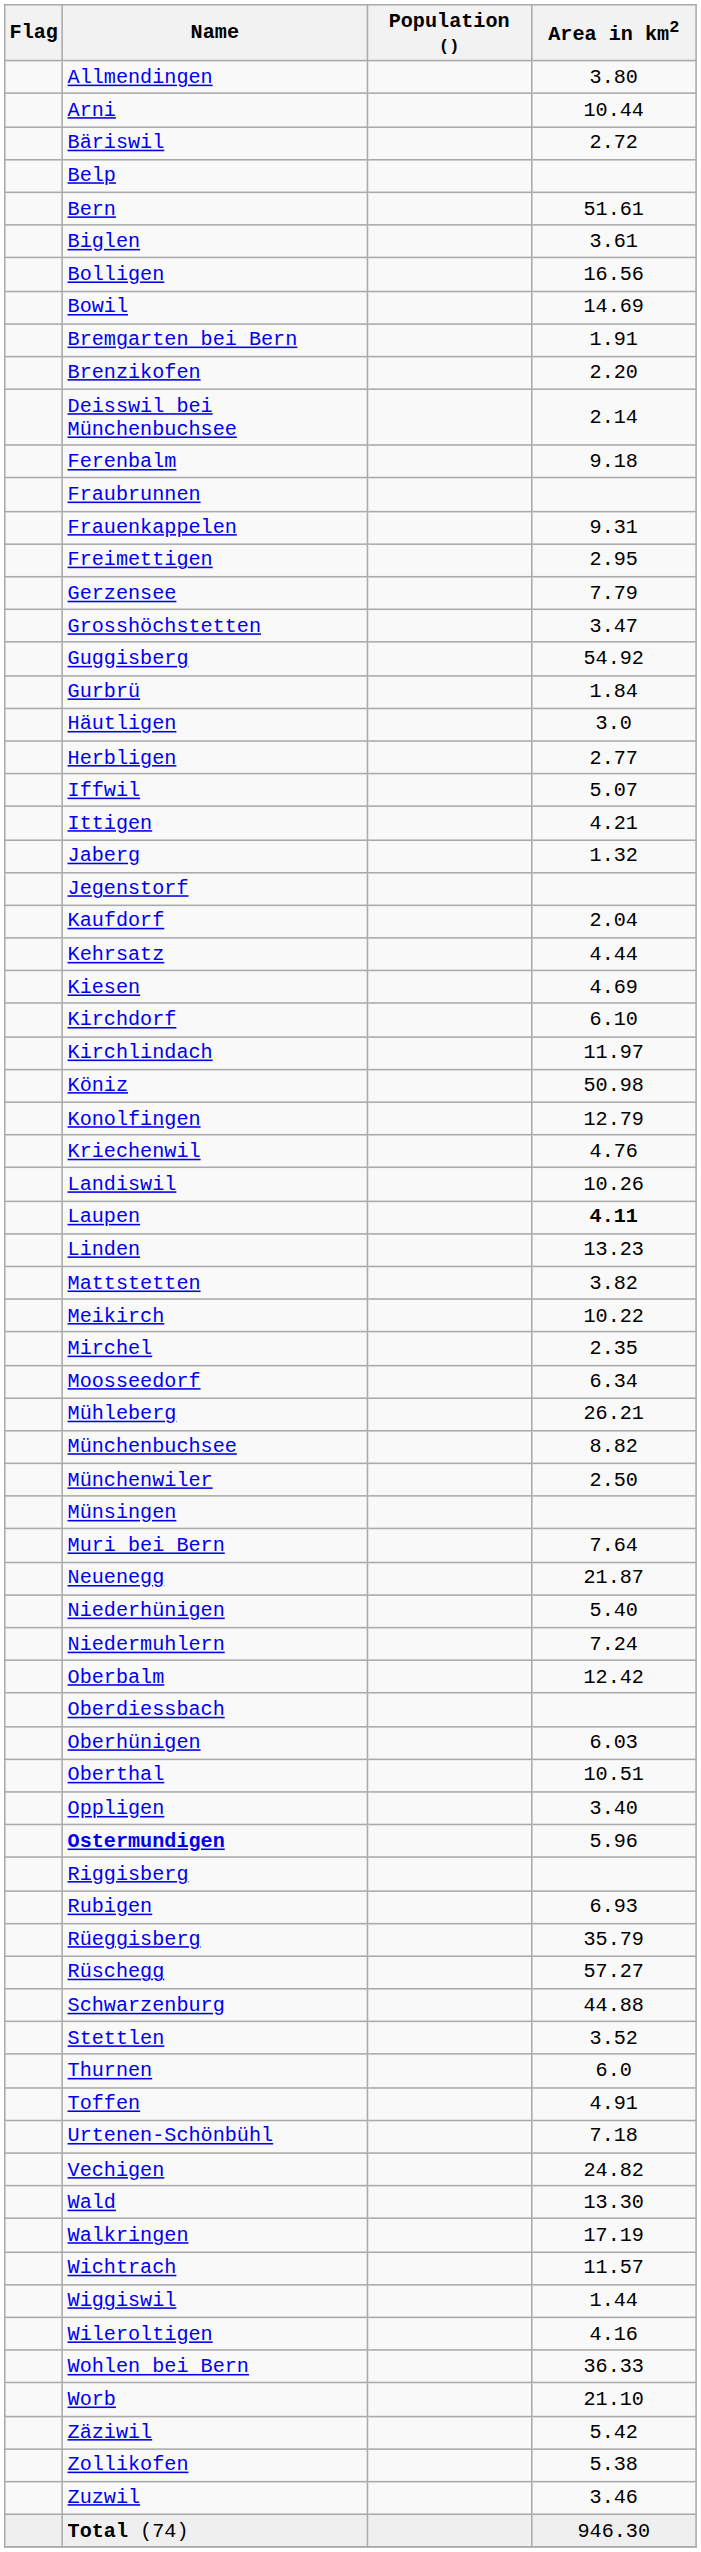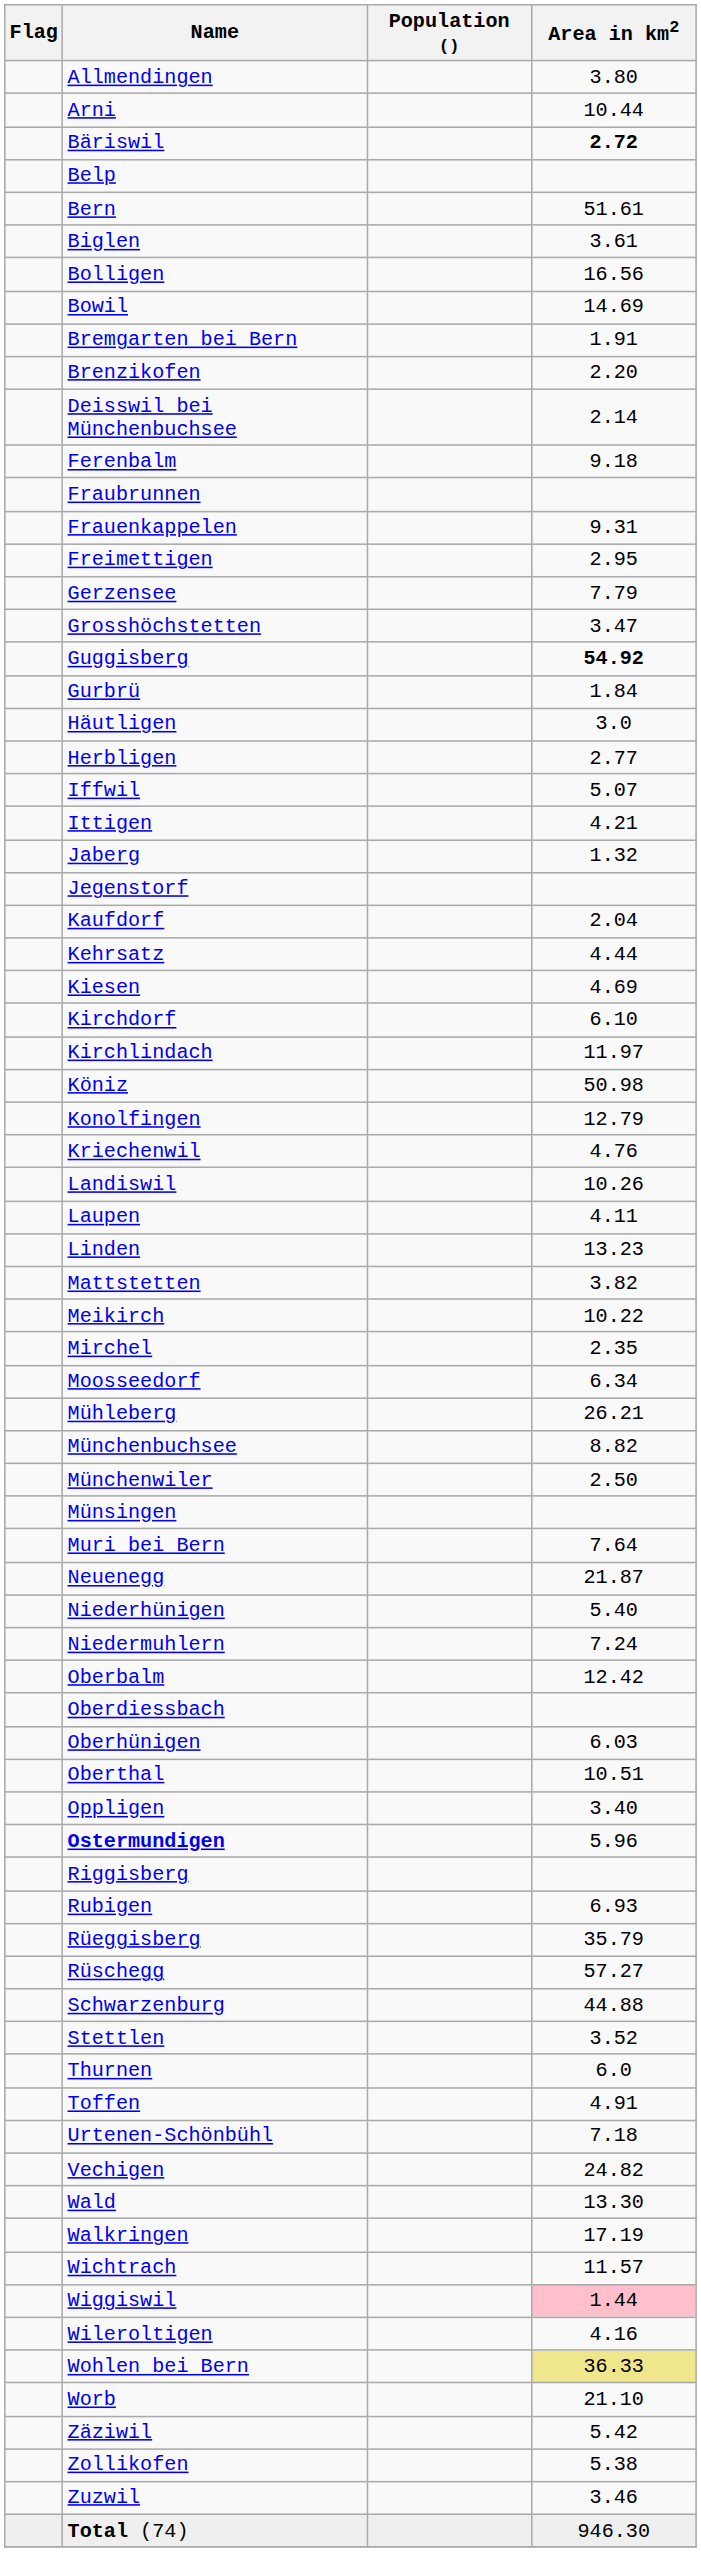 <table class="wikitable sortable">
 <tr>
 <th>Flag</th>
 <th width="190">Name</th>
 <th width="100">Population<br><small>()</small></th>
 <th width="100">Area in km<sup>2</sup></th>
 </tr>
 <tr>
 <td align="center"></td>
 <td><a href='#'>Allmendingen</a></td>
 <td align="center"></td>
 <td align="center">3.80</td>
 </tr>
 <tr>
 <td align="center"></td>
 <td><a href='#'>Arni</a></td>
 <td align="center"></td>
 <td align="center">10.44</td>
 </tr>
 <tr>
 <td align="center"></td>
 <td><a href='#'>Bäriswil</a></td>
 <td align="center"></td>
-<td align="center">2.72</td>
+<td align="center"><strong>2.72</strong></td>
 </tr>
 <tr>
 <td align="center"></td>
 <td><a href='#'>Belp</a></td>
 <td align="center"></td>
 <td align="center"></td>
 </tr>
 <tr>
 <td align="center"></td>
 <td><a href='#'>Bern</a></td>
 <td align="center"></td>
 <td align="center">51.61</td>
 </tr>
 <tr>
 <td align="center"></td>
 <td><a href='#'>Biglen</a></td>
 <td align="center"></td>
 <td align="center">3.61</td>
 </tr>
 <tr>
 <td align="center"></td>
 <td><a href='#'>Bolligen</a></td>
 <td align="center"></td>
 <td align="center">16.56</td>
 </tr>
 <tr>
 <td align="center"></td>
 <td><a href='#'>Bowil</a></td>
 <td align="center"></td>
 <td align="center">14.69</td>
 </tr>
 <tr>
 <td align="center"></td>
 <td><a href='#'>Bremgarten bei Bern</a></td>
 <td align="center"></td>
 <td align="center">1.91</td>
 </tr>
 <tr>
 <td align="center"></td>
 <td><a href='#'>Brenzikofen</a></td>
 <td align="center"></td>
 <td align="center">2.20</td>
 </tr>
 <tr>
 <td align="center"></td>
 <td><a href='#'>Deisswil bei Münchenbuchsee</a></td>
 <td align="center"></td>
 <td align="center">2.14</td>
 </tr>
 <tr>
 <td align="center"></td>
 <td><a href='#'>Ferenbalm</a></td>
 <td align="center"></td>
 <td align="center">9.18</td>
 </tr>
 <tr>
 <td align="center"></td>
 <td><a href='#'>Fraubrunnen</a></td>
 <td align="center"></td>
 <td align="center"></td>
 </tr>
 <tr>
 <td align="center"></td>
 <td><a href='#'>Frauenkappelen</a></td>
 <td align="center"></td>
 <td align="center">9.31</td>
 </tr>
 <tr>
 <td align="center"></td>
 <td><a href='#'>Freimettigen</a></td>
 <td align="center"></td>
 <td align="center">2.95</td>
 </tr>
 <tr>
 <td align="center"></td>
 <td><a href='#'>Gerzensee</a></td>
 <td align="center"></td>
 <td align="center">7.79</td>
 </tr>
 <tr>
 <td align="center"></td>
 <td><a href='#'>Grosshöchstetten</a></td>
 <td align="center"></td>
 <td align="center">3.47</td>
 </tr>
 <tr>
 <td align="center"></td>
 <td><a href='#'>Guggisberg</a></td>
 <td align="center"></td>
-<td align="center">54.92</td>
+<td align="center"><strong>54.92</strong></td>
 </tr>
 <tr>
 <td align="center"></td>
 <td><a href='#'>Gurbrü</a></td>
 <td align="center"></td>
 <td align="center">1.84</td>
 </tr>
 <tr>
 <td align="center"></td>
 <td><a href='#'>Häutligen</a></td>
 <td align="center"></td>
 <td align="center">3.0</td>
 </tr>
 <tr>
 <td align="center"></td>
 <td><a href='#'>Herbligen</a></td>
 <td align="center"></td>
 <td align="center">2.77</td>
 </tr>
 <tr>
 <td align="center"></td>
 <td><a href='#'>Iffwil</a></td>
 <td align="center"></td>
 <td align="center">5.07</td>
 </tr>
 <tr>
 <td align="center"></td>
 <td><a href='#'>Ittigen</a></td>
 <td align="center"></td>
 <td align="center">4.21</td>
 </tr>
 <tr>
 <td align="center"></td>
 <td><a href='#'>Jaberg</a></td>
 <td align="center"></td>
 <td align="center">1.32</td>
 </tr>
 <tr>
 <td align="center"></td>
 <td><a href='#'>Jegenstorf</a></td>
 <td align="center"></td>
 <td align="center"></td>
 </tr>
 <tr>
 <td align="center"></td>
 <td><a href='#'>Kaufdorf</a></td>
 <td align="center"></td>
 <td align="center">2.04</td>
 </tr>
 <tr>
 <td align="center"></td>
 <td><a href='#'>Kehrsatz</a></td>
 <td align="center"></td>
 <td align="center">4.44</td>
 </tr>
 <tr>
 <td align="center"></td>
 <td><a href='#'>Kiesen</a></td>
 <td align="center"></td>
 <td align="center">4.69</td>
 </tr>
 <tr>
 <td align="center"></td>
 <td><a href='#'>Kirchdorf</a></td>
 <td align="center"></td>
 <td align="center">6.10</td>
 </tr>
 <tr>
 <td align="center"></td>
 <td><a href='#'>Kirchlindach</a></td>
 <td align="center"></td>
 <td align="center">11.97</td>
 </tr>
 <tr>
 <td align="center"></td>
 <td><a href='#'>Köniz</a></td>
 <td align="center"></td>
 <td align="center">50.98</td>
 </tr>
 <tr>
 <td align="center"></td>
 <td><a href='#'>Konolfingen</a></td>
 <td align="center"></td>
 <td align="center">12.79</td>
 </tr>
 <tr>
 <td align="center"></td>
 <td><a href='#'>Kriechenwil</a></td>
 <td align="center"></td>
 <td align="center">4.76</td>
 </tr>
 <tr>
 <td align="center"></td>
 <td><a href='#'>Landiswil</a></td>
 <td align="center"></td>
 <td align="center">10.26</td>
 </tr>
 <tr>
 <td align="center"></td>
 <td><a href='#'>Laupen</a></td>
 <td align="center"></td>
-<td align="center"><strong>4.11</strong></td>
+<td align="center">4.11</td>
 </tr>
 <tr>
 <td align="center"></td>
 <td><a href='#'>Linden</a></td>
 <td align="center"></td>
 <td align="center">13.23</td>
 </tr>
 <tr>
 <td align="center"></td>
 <td><a href='#'>Mattstetten</a></td>
 <td align="center"></td>
 <td align="center">3.82</td>
 </tr>
 <tr>
 <td align="center"></td>
 <td><a href='#'>Meikirch</a></td>
 <td align="center"></td>
 <td align="center">10.22</td>
 </tr>
 <tr>
 <td align="center"></td>
 <td><a href='#'>Mirchel</a></td>
 <td align="center"></td>
 <td align="center">2.35</td>
 </tr>
 <tr>
 <td align="center"></td>
 <td><a href='#'>Moosseedorf</a></td>
 <td align="center"></td>
 <td align="center">6.34</td>
 </tr>
 <tr>
 <td align="center"></td>
 <td><a href='#'>Mühleberg</a></td>
 <td align="center"></td>
 <td align="center">26.21</td>
 </tr>
 <tr>
 <td align="center"></td>
 <td><a href='#'>Münchenbuchsee</a></td>
 <td align="center"></td>
 <td align="center">8.82</td>
 </tr>
 <tr>
 <td align="center"></td>
 <td><a href='#'>Münchenwiler</a></td>
 <td align="center"></td>
 <td align="center">2.50</td>
 </tr>
 <tr>
 <td align="center"></td>
 <td><a href='#'>Münsingen</a></td>
 <td align="center"></td>
 <td align="center"></td>
 </tr>
 <tr>
 <td align="center"></td>
 <td><a href='#'>Muri bei Bern</a></td>
 <td align="center"></td>
 <td align="center">7.64</td>
 </tr>
 <tr>
 <td align="center"></td>
 <td><a href='#'>Neuenegg</a></td>
 <td align="center"></td>
 <td align="center">21.87</td>
 </tr>
 <tr>
 <td align="center"></td>
 <td><a href='#'>Niederhünigen</a></td>
 <td align="center"></td>
 <td align="center">5.40</td>
 </tr>
 <tr>
 <td align="center"></td>
 <td><a href='#'>Niedermuhlern</a></td>
 <td align="center"></td>
 <td align="center">7.24</td>
 </tr>
 <tr>
 <td align="center"></td>
 <td><a href='#'>Oberbalm</a></td>
 <td align="center"></td>
 <td align="center">12.42</td>
 </tr>
 <tr>
 <td align="center"></td>
 <td><a href='#'>Oberdiessbach</a></td>
 <td align="center"></td>
 <td align="center"></td>
 </tr>
 <tr>
 <td align="center"></td>
 <td><a href='#'>Oberhünigen</a></td>
 <td align="center"></td>
 <td align="center">6.03</td>
 </tr>
 <tr>
 <td align="center"></td>
 <td><a href='#'>Oberthal</a></td>
 <td align="center"></td>
 <td align="center">10.51</td>
 </tr>
 <tr>
 <td align="center"></td>
 <td><a href='#'>Oppligen</a></td>
 <td align="center"></td>
 <td align="center">3.40</td>
 </tr>
 <tr>
 <td align="center"></td>
 <td><strong><a href='#'>Ostermundigen</a></strong></td>
 <td align="center"></td>
 <td align="center">5.96</td>
 </tr>
 <tr>
 <td align="center"></td>
 <td><a href='#'>Riggisberg</a></td>
 <td align="center"></td>
 <td align="center"></td>
 </tr>
 <tr>
 <td align="center"></td>
 <td><a href='#'>Rubigen</a></td>
 <td align="center"></td>
 <td align="center">6.93</td>
 </tr>
 <tr>
 <td align="center"></td>
 <td><a href='#'>Rüeggisberg</a></td>
 <td align="center"></td>
 <td align="center">35.79</td>
 </tr>
 <tr>
 <td align="center"></td>
 <td><a href='#'>Rüschegg</a></td>
 <td align="center"></td>
 <td align="center">57.27</td>
 </tr>
 <tr>
 <td align="center"></td>
 <td><a href='#'>Schwarzenburg</a></td>
 <td align="center"></td>
 <td align="center">44.88</td>
 </tr>
 <tr>
 <td align="center"></td>
 <td><a href='#'>Stettlen</a></td>
 <td align="center"></td>
 <td align="center">3.52</td>
 </tr>
 <tr>
 <td align="center"></td>
 <td><a href='#'>Thurnen</a></td>
 <td align="center"></td>
 <td align="center">6.0</td>
 </tr>
 <tr>
 <td align="center"></td>
 <td><a href='#'>Toffen</a></td>
 <td align="center"></td>
 <td align="center">4.91</td>
 </tr>
 <tr>
 <td align="center"></td>
 <td><a href='#'>Urtenen-Schönbühl</a></td>
 <td align="center"></td>
 <td align="center">7.18</td>
 </tr>
 <tr>
 <td align="center"></td>
 <td><a href='#'>Vechigen</a></td>
 <td align="center"></td>
 <td align="center">24.82</td>
 </tr>
 <tr>
 <td align="center"></td>
 <td><a href='#'>Wald</a></td>
 <td align="center"></td>
 <td align="center">13.30</td>
 </tr>
 <tr>
 <td align="center"></td>
 <td><a href='#'>Walkringen</a></td>
 <td align="center"></td>
 <td align="center">17.19</td>
 </tr>
 <tr>
 <td align="center"></td>
 <td><a href='#'>Wichtrach</a></td>
 <td align="center"></td>
 <td align="center">11.57</td>
 </tr>
 <tr>
 <td align="center"></td>
 <td><a href='#'>Wiggiswil</a></td>
 <td align="center"></td>
-<td align="center">1.44</td>
+<td align="center" style="background: pink;">1.44</td>
 </tr>
 <tr>
 <td align="center"></td>
 <td><a href='#'>Wileroltigen</a></td>
 <td align="center"></td>
 <td align="center">4.16</td>
 </tr>
 <tr>
 <td align="center"></td>
 <td><a href='#'>Wohlen bei Bern</a></td>
 <td align="center"></td>
-<td align="center">36.33</td>
+<td align="center" style="background: khaki;">36.33</td>
 </tr>
 <tr>
 <td align="center"></td>
 <td><a href='#'>Worb</a></td>
 <td align="center"></td>
 <td align="center">21.10</td>
 </tr>
 <tr>
 <td align="center"></td>
 <td><a href='#'>Zäziwil</a></td>
 <td align="center"></td>
 <td align="center">5.42</td>
 </tr>
 <tr>
 <td align="center"></td>
 <td><a href='#'>Zollikofen</a></td>
 <td align="center"></td>
 <td align="center">5.38</td>
 </tr>
 <tr>
 <td align="center"></td>
 <td><a href='#'>Zuzwil</a></td>
 <td align="center"></td>
 <td align="center">3.46</td>
 </tr>
 <tr style="background-color:#EFEFEF;">
 <td></td>
 <td><strong>Total</strong> (74)</td>
 <td align="center"></td>
 <td align="center">946.30</td>
 </tr>
 <tr>
 </tr>
 </table>
